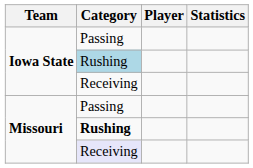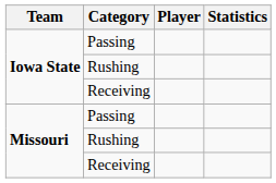 <table class="wikitable" style="float: right;">
 <tr>
 <th>Team</th>
 <th>Category</th>
 <th>Player</th>
 <th>Statistics</th>
 </tr>
 <tr>
 <td rowspan=3><strong>Iowa State</strong></td>
 <td>Passing</td>
 <td></td>
 <td></td>
 </tr>
 <tr>
-<td style="background: lightblue;">Rushing</td>
+<td>Rushing</td>
 <td></td>
 <td></td>
 </tr>
 <tr>
 <td>Receiving</td>
 <td></td>
 <td></td>
 </tr>
 <tr>
 <td rowspan=3><strong>Missouri</strong></td>
 <td>Passing</td>
 <td></td>
 <td></td>
 </tr>
 <tr>
-<td><strong>Rushing</strong></td>
+<td>Rushing</td>
 <td></td>
 <td></td>
 </tr>
 <tr>
-<td style="background: lavender;">Receiving</td>
+<td>Receiving</td>
 <td></td>
 <td></td>
 </tr>
 </table>
